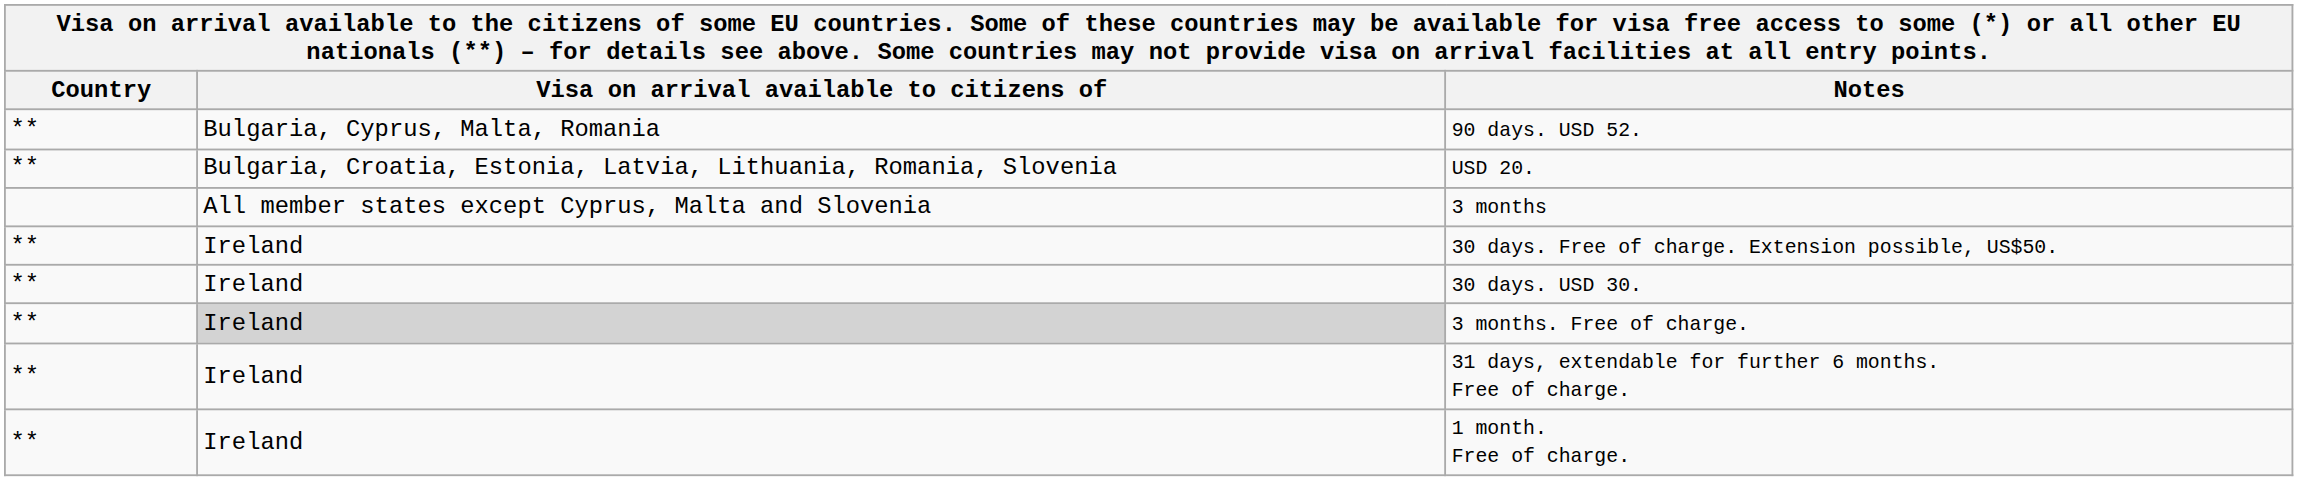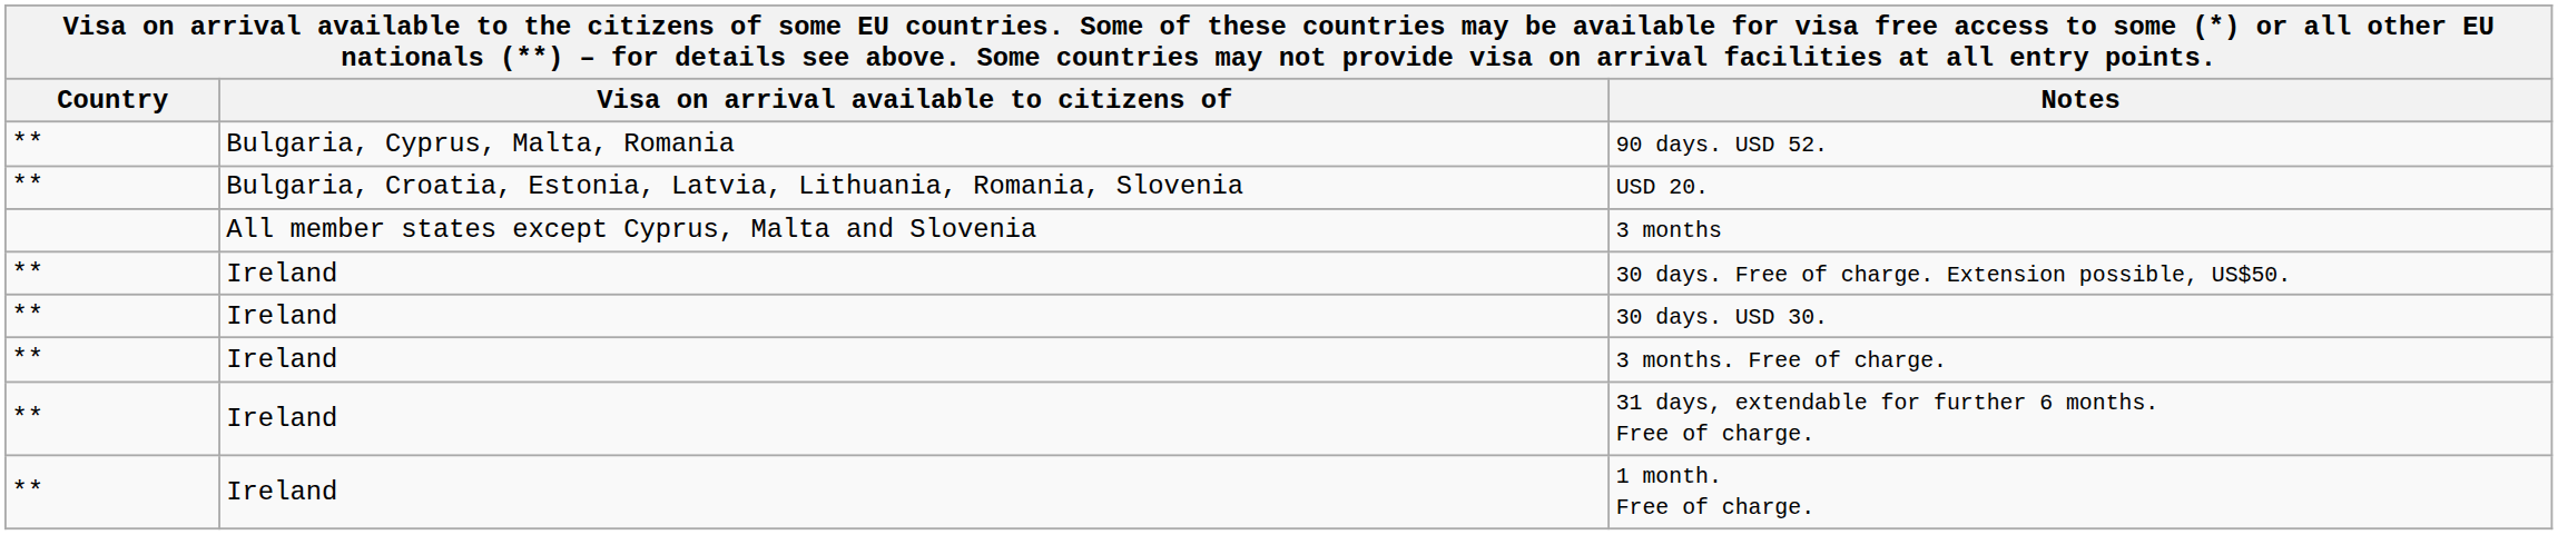 <table class="wikitable">
 <tr>
 <th colspan="3">Visa on arrival available to the citizens of some EU countries. Some of these countries may be available for visa free access to some (*) or all other EU nationals (**) – for details see above. Some countries may not provide visa on arrival facilities at all entry points.</th>
 </tr>
 <tr>
 <th>Country</th>
 <th>Visa on arrival available to citizens of</th>
 <th>Notes</th>
 </tr>
 <tr>
 <td>**</td>
 <td>Bulgaria, Cyprus, Malta, Romania</td>
 <td><small>90 days. USD 52.</small></td>
 </tr>
 <tr>
 <td>**</td>
 <td>Bulgaria, Croatia, Estonia, Latvia, Lithuania, Romania, Slovenia</td>
 <td><small>USD 20.</small></td>
 </tr>
 <tr>
 <td></td>
 <td>All member states except Cyprus, Malta and Slovenia</td>
 <td><small>3 months</small></td>
 </tr>
 <tr>
 <td>**</td>
 <td>Ireland</td>
 <td><small>30 days. Free of charge. Extension possible, US$50.</small></td>
 </tr>
 <tr>
 <td>**</td>
 <td>Ireland</td>
 <td><small>30 days. USD 30.</small></td>
 </tr>
 <tr>
 <td>**</td>
-<td style="background: lightgrey;">Ireland</td>
+<td>Ireland</td>
 <td><small>3 months. Free of charge.</small></td>
 </tr>
 <tr>
 <td>**</td>
 <td>Ireland</td>
 <td><small>31 days, extendable for further 6 months.<br>Free of charge.</small></td>
 </tr>
 <tr>
 <td>**</td>
 <td>Ireland</td>
 <td><small>1 month.<br>Free of charge.</small></td>
 </tr>
 </table>
